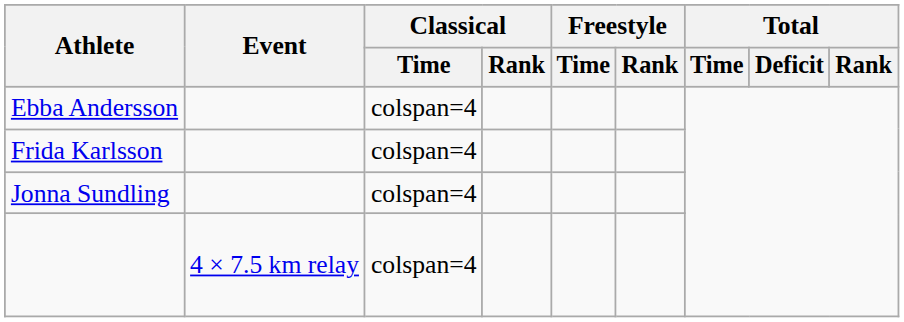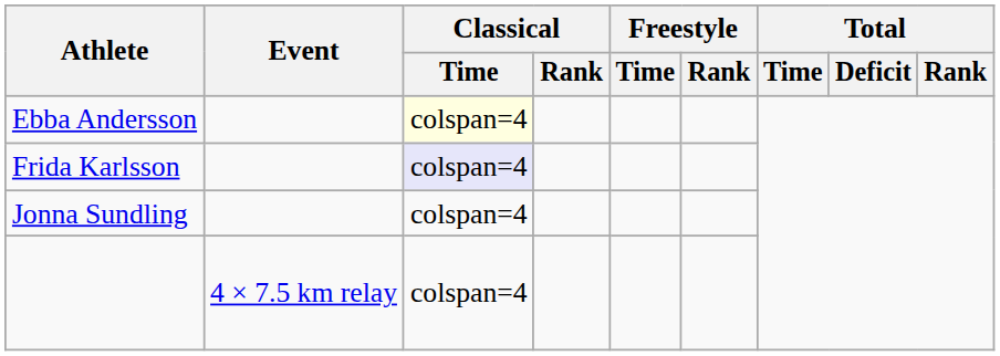 <table class="wikitable" style="font-size:90%">
 <tr>
 <th rowspan=2>Athlete</th>
 <th rowspan=2>Event</th>
 <th colspan=2>Classical</th>
 <th colspan=2>Freestyle</th>
 <th colspan=3>Total</th>
 </tr>
 <tr style="font-size:95%">
 <th>Time</th>
 <th>Rank</th>
 <th>Time</th>
 <th>Rank</th>
 <th>Time</th>
 <th>Deficit</th>
 <th>Rank</th>
 </tr>
 <tr align=center>
 <td align=left><a href='#'>Ebba Andersson</a></td>
 <td align=left></td>
-<td>colspan=4 </td>
+<td style="background: lightyellow;">colspan=4 </td>
 <td></td>
 <td></td>
 <td></td>
 </tr>
 <tr align=center>
 <td align=left><a href='#'>Frida Karlsson</a></td>
 <td align=left></td>
-<td>colspan=4 </td>
+<td style="background: lavender;">colspan=4 </td>
 <td></td>
 <td></td>
 <td></td>
 </tr>
 <tr align=center>
 <td align=left><a href='#'>Jonna Sundling</a></td>
 <td align=left></td>
 <td>colspan=4 </td>
 <td></td>
 <td></td>
 <td></td>
 </tr>
 <tr align=center>
 <td align=left><br><br><br></td>
 <td align=left><a href='#'>4 × 7.5 km relay</a></td>
 <td>colspan=4 </td>
 <td></td>
 <td></td>
 <td></td>
 </tr>
 </table>
